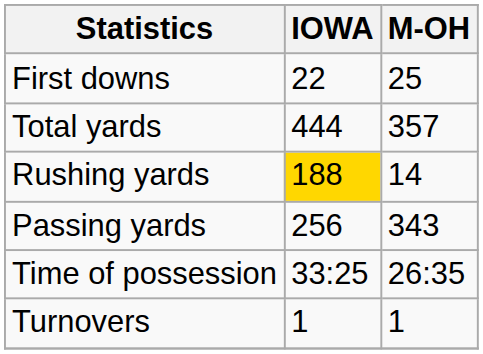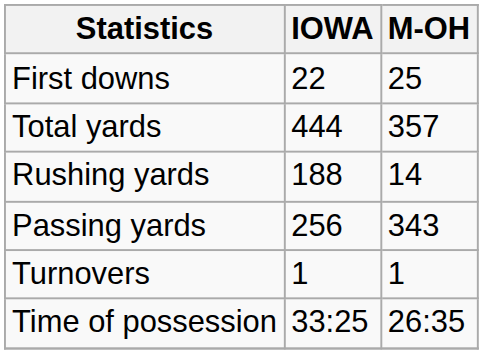 <table class="wikitable">
 <tr>
 <th>Statistics</th>
 <th>IOWA</th>
 <th>M-OH</th>
 </tr>
 <tr>
 <td>First downs</td>
 <td>22</td>
 <td>25</td>
 </tr>
 <tr>
 <td>Total yards</td>
 <td>444</td>
 <td>357</td>
 </tr>
 <tr>
 <td>Rushing yards</td>
-<td style="background: gold;">188</td>
+<td>188</td>
 <td>14</td>
 </tr>
 <tr>
 <td>Passing yards</td>
 <td>256</td>
 <td>343</td>
 </tr>
 <tr>
+<td>Turnovers</td>
+<td>1</td>
+<td>1</td>
+</tr>
+<tr>
 <td>Time of possession</td>
 <td>33:25</td>
 <td>26:35</td>
 </tr>
 <tr>
-<td>Turnovers</td>
-<td>1</td>
-<td>1</td>
-</tr>
-<tr>
 </tr>
 </table>
